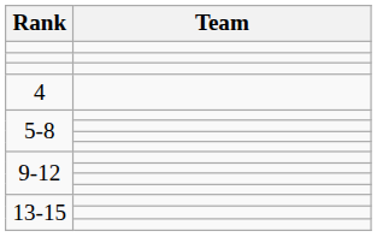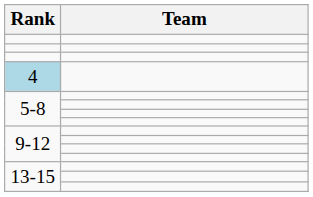 <table class="wikitable" style="text-align: center;">
 <tr>
 <th width=40>Rank</th>
 <th width=200>Team</th>
 </tr>
 <tr>
 <td></td>
 <td align=left></td>
 </tr>
 <tr>
 <td></td>
 <td align=left></td>
 </tr>
 <tr>
 <td></td>
 <td align=left></td>
 </tr>
 <tr>
-<td>4</td>
+<td style="background: lightblue;">4</td>
 <td align=left></td>
 </tr>
 <tr>
 <td rowspan=4>5-8</td>
 <td align=left></td>
 </tr>
 <tr>
 <td align=left></td>
 </tr>
 <tr>
 <td align=left></td>
 </tr>
 <tr>
 <td align=left></td>
 </tr>
 <tr>
 <td rowspan=4>9-12</td>
 <td align=left></td>
 </tr>
 <tr>
 <td align=left></td>
 </tr>
 <tr>
 <td align=left></td>
 </tr>
 <tr>
 <td align=left></td>
 </tr>
 <tr>
 <td rowspan=3>13-15</td>
 <td align=left></td>
 </tr>
 <tr>
 <td align=left></td>
 </tr>
 <tr>
 <td align=left></td>
 </tr>
 </table>
